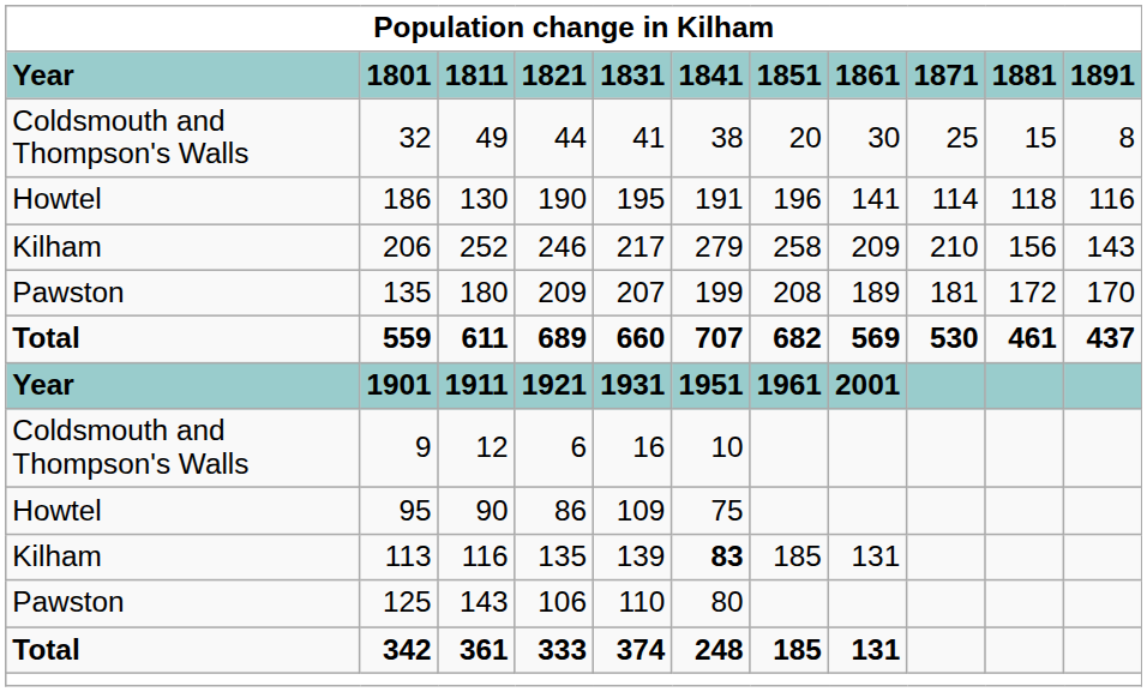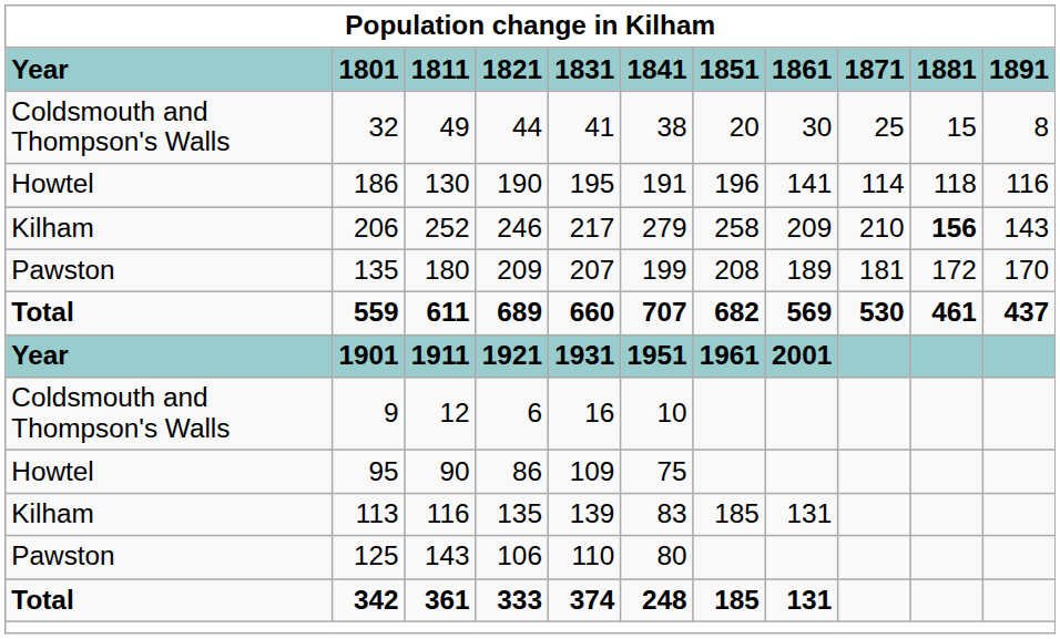 <table class="wikitable" style="margin:auto;">
 <tr>
 <th colspan="11" style="background:white"><strong>Population change in Kilham</strong></th>
 </tr>
 <tr style="background:#9cc" >
 <td><strong>Year</strong></td>
 <td><strong>1801</strong></td>
 <td><strong>1811</strong></td>
 <td><strong>1821</strong></td>
 <td><strong>1831</strong></td>
 <td><strong>1841</strong></td>
 <td><strong>1851</strong></td>
 <td><strong>1861</strong></td>
 <td><strong>1871</strong></td>
 <td><strong>1881</strong></td>
 <td><strong>1891</strong></td>
 </tr>
 <tr>
 <td>Coldsmouth and Thompson's Walls</td>
 <td style="text-align:right;">32</td>
 <td style="text-align:right;">49</td>
 <td style="text-align:right;">44</td>
 <td style="text-align:right;">41</td>
 <td style="text-align:right;">38</td>
 <td style="text-align:right;">20</td>
 <td style="text-align:right;">30</td>
 <td style="text-align:right;">25</td>
 <td style="text-align:right;">15</td>
 <td style="text-align:right;">8</td>
 </tr>
 <tr>
 <td>Howtel</td>
 <td style="text-align:right;">186</td>
 <td style="text-align:right;">130</td>
 <td style="text-align:right;">190</td>
 <td style="text-align:right;">195</td>
 <td style="text-align:right;">191</td>
 <td style="text-align:right;">196</td>
 <td style="text-align:right;">141</td>
 <td style="text-align:right;">114</td>
 <td style="text-align:right;">118</td>
 <td style="text-align:right;">116</td>
 </tr>
 <tr>
 <td>Kilham</td>
 <td style="text-align:right;">206</td>
 <td style="text-align:right;">252</td>
 <td style="text-align:right;">246</td>
 <td style="text-align:right;">217</td>
 <td style="text-align:right;">279</td>
 <td style="text-align:right;">258</td>
 <td style="text-align:right;">209</td>
 <td style="text-align:right;">210</td>
-<td style="text-align:right;">156</td>
+<td style="text-align:right;"><strong>156</strong></td>
 <td style="text-align:right;">143</td>
 </tr>
 <tr>
 <td>Pawston</td>
 <td style="text-align:right;">135</td>
 <td style="text-align:right;">180</td>
 <td style="text-align:right;">209</td>
 <td style="text-align:right;">207</td>
 <td style="text-align:right;">199</td>
 <td style="text-align:right;">208</td>
 <td style="text-align:right;">189</td>
 <td style="text-align:right;">181</td>
 <td style="text-align:right;">172</td>
 <td style="text-align:right;">170</td>
 </tr>
 <tr>
 <td><strong>Total</strong></td>
 <td style="text-align:right;"><strong>559</strong></td>
 <td style="text-align:right;"><strong>611</strong></td>
 <td style="text-align:right;"><strong>689</strong></td>
 <td style="text-align:right;"><strong>660</strong></td>
 <td style="text-align:right;"><strong>707</strong></td>
 <td style="text-align:right;"><strong>682</strong></td>
 <td style="text-align:right;"><strong>569</strong></td>
 <td style="text-align:right;"><strong>530</strong></td>
 <td style="text-align:right;"><strong>461</strong></td>
 <td style="text-align:right;"><strong>437</strong></td>
 </tr>
 <tr style="background:#9cc">
 <td><strong>Year</strong></td>
 <td><strong>1901</strong></td>
 <td><strong>1911</strong></td>
 <td><strong>1921</strong></td>
 <td><strong>1931</strong></td>
 <td><strong>1951</strong></td>
 <td><strong>1961</strong></td>
 <td><strong>2001</strong></td>
 <td><strong> </strong></td>
 <td><strong> </strong></td>
 <td><strong> </strong></td>
 </tr>
 <tr>
 <td>Coldsmouth and Thompson's Walls</td>
 <td style="text-align:right;">9</td>
 <td style="text-align:right;">12</td>
 <td style="text-align:right;">6</td>
 <td style="text-align:right;">16</td>
 <td style="text-align:right;">10</td>
 <td></td>
 <td></td>
 <td></td>
 <td></td>
 <td></td>
 </tr>
 <tr>
 <td>Howtel</td>
 <td style="text-align:right;">95</td>
 <td style="text-align:right;">90</td>
 <td style="text-align:right;">86</td>
 <td style="text-align:right;">109</td>
 <td style="text-align:right;">75</td>
 <td></td>
 <td></td>
 <td></td>
 <td></td>
 <td></td>
 </tr>
 <tr>
 <td>Kilham</td>
 <td style="text-align:right;">113</td>
 <td style="text-align:right;">116</td>
 <td style="text-align:right;">135</td>
 <td style="text-align:right;">139</td>
-<td style="text-align:right;"><strong>83</strong></td>
+<td style="text-align:right;">83</td>
 <td style="text-align:right;">185</td>
 <td style="text-align:right;">131</td>
 <td></td>
 <td></td>
 <td></td>
 </tr>
 <tr>
 <td>Pawston</td>
 <td style="text-align:right;">125</td>
 <td style="text-align:right;">143</td>
 <td style="text-align:right;">106</td>
 <td style="text-align:right;">110</td>
 <td style="text-align:right;">80</td>
 <td></td>
 <td></td>
 <td></td>
 <td></td>
 <td></td>
 </tr>
 <tr>
 <td><strong>Total</strong></td>
 <td style="text-align:right;"><strong>342</strong></td>
 <td style="text-align:right;"><strong>361</strong></td>
 <td style="text-align:right;"><strong>333</strong></td>
 <td style="text-align:right;"><strong>374</strong></td>
 <td style="text-align:right;"><strong>248</strong></td>
 <td style="text-align:right;"><strong>185</strong></td>
 <td style="text-align:right;"><strong>131</strong></td>
 <td></td>
 <td></td>
 <td></td>
 </tr>
 <tr>
 <td colspan="11"  style="text-align:left; background:white; line-height:120%;"></td>
 </tr>
 </table>
